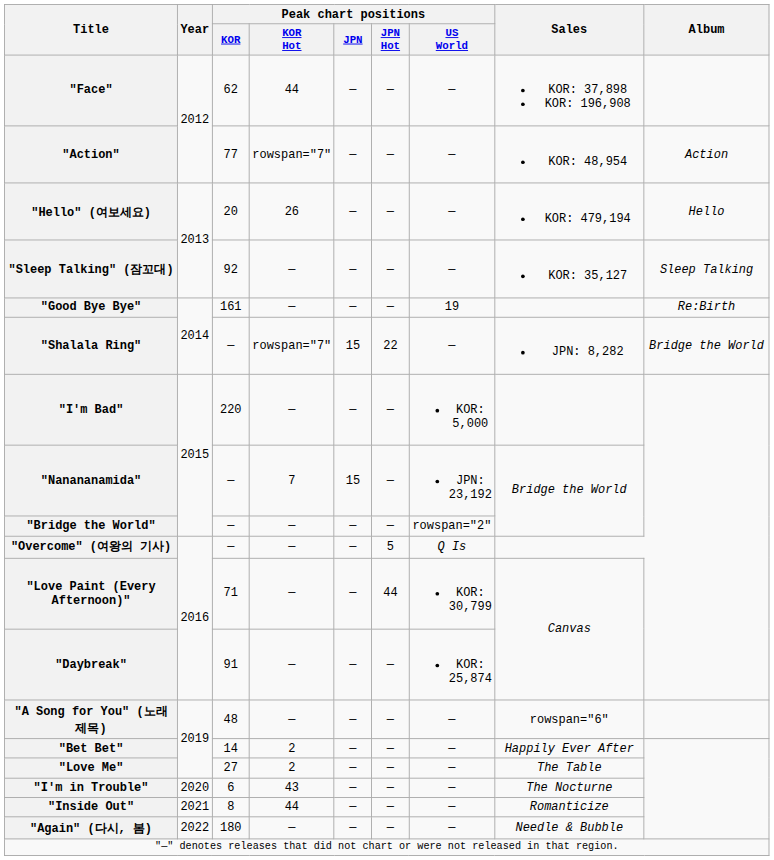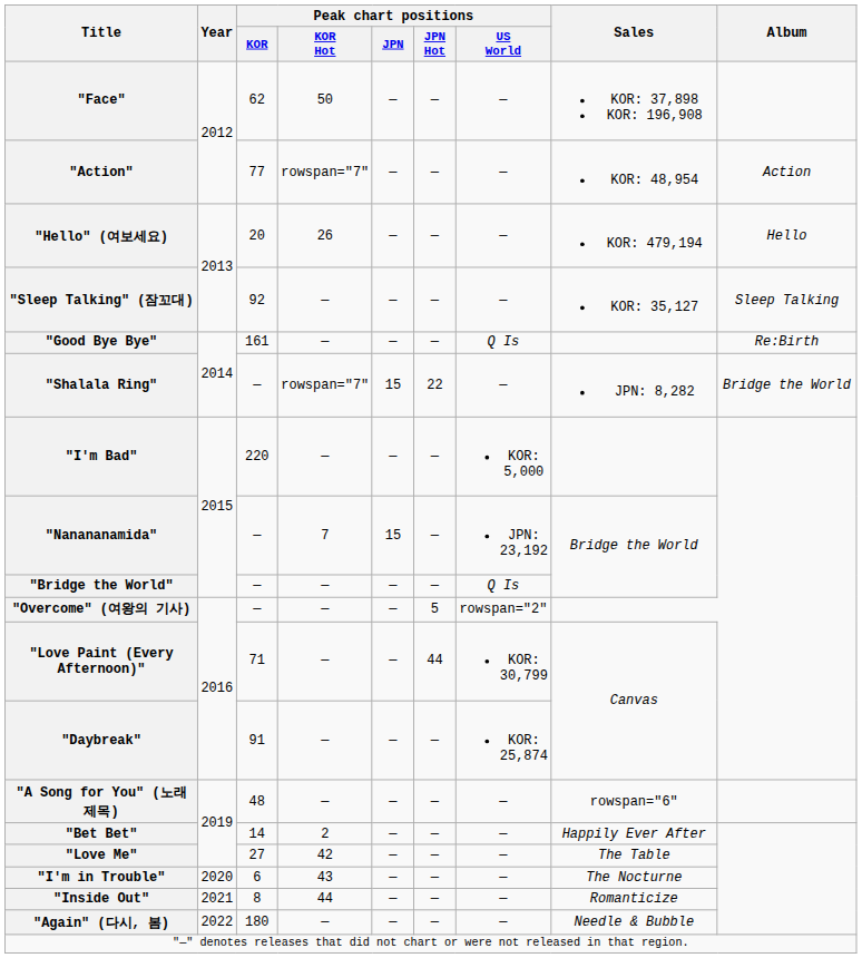 <table class="wikitable plainrowheaders" style="text-align:center;">
 <tr>
 <th scope="col" rowspan="2" style="width:14em;">Title</th>
 <th scope="col" rowspan="2">Year</th>
 <th scope="col" colspan="5">Peak chart positions</th>
 <th scope="col" rowspan="2" style="width:12em;">Sales</th>
 <th scope="col" rowspan="2" style="width:10em;">Album</th>
 </tr>
 <tr>
 <th scope="col" style="width:3em;font-size:90%;"><a href='#'>KOR</a><br></th>
 <th scope="col" style="width:3em;font-size:90%;"><a href='#'>KOR<br>Hot</a><br></th>
 <th scope="col" style="width:3em;font-size:90%;"><a href='#'>JPN</a><br></th>
 <th scope="col" style="width:3em;font-size:90%;"><a href='#'>JPN<br>Hot</a><br></th>
 <th scope="col" style="width:3em;font-size:90%;"><a href='#'>US<br>World</a><br></th>
 </tr>
 <tr>
 <th scope="row">"Face"</th>
 <td rowspan="2">2012</td>
 <td>62</td>
-<td>44</td>
+<td>50</td>
 <td>—</td>
 <td>—</td>
 <td>—</td>
 <td><br><ul><li>KOR: 37,898 </li><li>KOR: 196,908</li></ul></td>
 <td></td>
 </tr>
 <tr>
 <th scope="row">"Action"</th>
 <td>77</td>
 <td>rowspan="7" </td>
 <td>—</td>
 <td>—</td>
 <td>—</td>
 <td><br><ul><li>KOR: 48,954</li></ul></td>
 <td><em>Action</em></td>
 </tr>
 <tr>
 <th scope="row">"Hello" (여보세요)</th>
 <td rowspan="2">2013</td>
 <td>20</td>
 <td>26</td>
 <td>—</td>
 <td>—</td>
 <td>—</td>
 <td><br><ul><li>KOR: 479,194</li></ul></td>
 <td><em>Hello</em></td>
 </tr>
 <tr>
 <th scope="row">"Sleep Talking" (잠꼬대)</th>
 <td>92</td>
 <td>—</td>
 <td>—</td>
 <td>—</td>
 <td>—</td>
 <td><br><ul><li>KOR: 35,127</li></ul></td>
 <td><em>Sleep Talking</em></td>
 </tr>
 <tr>
 <th scope="row">"Good Bye Bye"</th>
 <td rowspan="2">2014</td>
 <td>161</td>
 <td>—</td>
 <td>—</td>
 <td>—</td>
-<td>19</td>
+<td><em>Q Is</em></td>
 <td></td>
 <td><em>Re:Birth</em></td>
 </tr>
 <tr>
 <th scope="row">"Shalala Ring"</th>
 <td>—</td>
 <td>rowspan="7" </td>
 <td>15</td>
 <td>22</td>
 <td>—</td>
 <td><br><ul><li>JPN: 8,282 </li></ul></td>
 <td><em>Bridge the World</em></td>
 </tr>
 <tr>
 <th scope="row">"I'm Bad"</th>
 <td rowspan="3">2015</td>
 <td>220</td>
 <td>—</td>
 <td>—</td>
 <td>—</td>
 <td><br><ul><li>KOR: 5,000 </li></ul></td>
 <td></td>
 </tr>
 <tr>
 <th scope="row">"Nanananamida"</th>
 <td>—</td>
 <td>7</td>
 <td>15</td>
 <td>—</td>
 <td><br><ul><li>JPN: 23,192 </li></ul></td>
 <td rowspan="2"><em>Bridge the World</em></td>
 </tr>
 <tr>
 <th scope="row">"Bridge the World"</th>
 <td>—</td>
 <td>—</td>
 <td>—</td>
 <td>—</td>
-<td>rowspan="2" </td>
+<td><em>Q Is</em></td>
 </tr>
 <tr>
 <th scope="row">"Overcome" (여왕의 기사)</th>
 <td rowspan="3">2016</td>
 <td>—</td>
 <td>—</td>
 <td>—</td>
 <td>5</td>
-<td><em>Q Is</em></td>
+<td>rowspan="2" </td>
 </tr>
 <tr>
 <th scope="row">"Love Paint (Every Afternoon)"</th>
 <td>71</td>
 <td>—</td>
 <td>—</td>
 <td>44</td>
 <td><br><ul><li>KOR: 30,799</li></ul></td>
 <td rowspan=2><em>Canvas</em></td>
 </tr>
 <tr>
 <th scope="row">"Daybreak"<br></th>
 <td>91</td>
 <td>—</td>
 <td>—</td>
 <td>—</td>
 <td><br><ul><li>KOR: 25,874</li></ul></td>
 </tr>
 <tr>
 <th scope="row">"A Song for You" (노래 제목)</th>
 <td rowspan="3">2019</td>
 <td>48</td>
 <td>—</td>
 <td>—</td>
 <td>—</td>
 <td>—</td>
 <td>rowspan="6" </td>
 <td></td>
 </tr>
 <tr>
 <th scope="row">"Bet Bet"</th>
 <td>14</td>
 <td>2</td>
 <td>—</td>
 <td>—</td>
 <td>—</td>
 <td><em>Happily Ever After</em></td>
 </tr>
 <tr>
 <th scope="row">"Love Me"</th>
 <td>27</td>
-<td>2</td>
+<td>42</td>
 <td>—</td>
 <td>—</td>
 <td>—</td>
 <td><em>The Table</em></td>
 </tr>
 <tr>
 <th scope="row">"I'm in Trouble"</th>
 <td>2020</td>
 <td>6</td>
 <td>43</td>
 <td>—</td>
 <td>—</td>
 <td>—</td>
 <td><em>The Nocturne</em></td>
 </tr>
 <tr>
 <th scope="row">"Inside Out"</th>
 <td>2021</td>
 <td>8</td>
 <td>44</td>
 <td>—</td>
 <td>—</td>
 <td>—</td>
 <td><em>Romanticize</em></td>
 </tr>
 <tr>
 <th scope="row">"Again" (다시, 봄)</th>
 <td>2022</td>
 <td>180</td>
 <td>—</td>
 <td>—</td>
 <td>—</td>
 <td>—</td>
 <td><em>Needle & Bubble</em></td>
 </tr>
 <tr>
 <td colspan="9" style="font-size:85%">"—" denotes releases that did not chart or were not released in that region.</td>
 </tr>
 </table>
